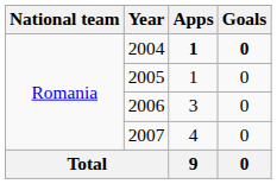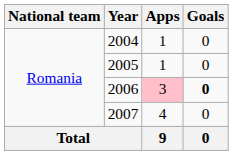 <table class="wikitable" style="text-align:center">
 <tr>
 <th>National team</th>
 <th>Year</th>
 <th>Apps</th>
 <th>Goals</th>
 </tr>
 <tr>
 <td rowspan="4"><a href='#'>Romania</a></td>
 <td>2004</td>
-<td><strong>1</strong></td>
-<td><strong>0</strong></td>
+<td>1</td>
+<td>0</td>
 </tr>
 <tr>
 <td>2005</td>
 <td>1</td>
 <td>0</td>
 </tr>
 <tr>
 <td>2006</td>
-<td>3</td>
-<td>0</td>
+<td style="background: pink;">3</td>
+<td><strong>0</strong></td>
 </tr>
 <tr>
 <td>2007</td>
 <td>4</td>
 <td>0</td>
 </tr>
 <tr>
 <th colspan="2">Total</th>
 <th>9</th>
 <th>0</th>
 </tr>
 </table>
